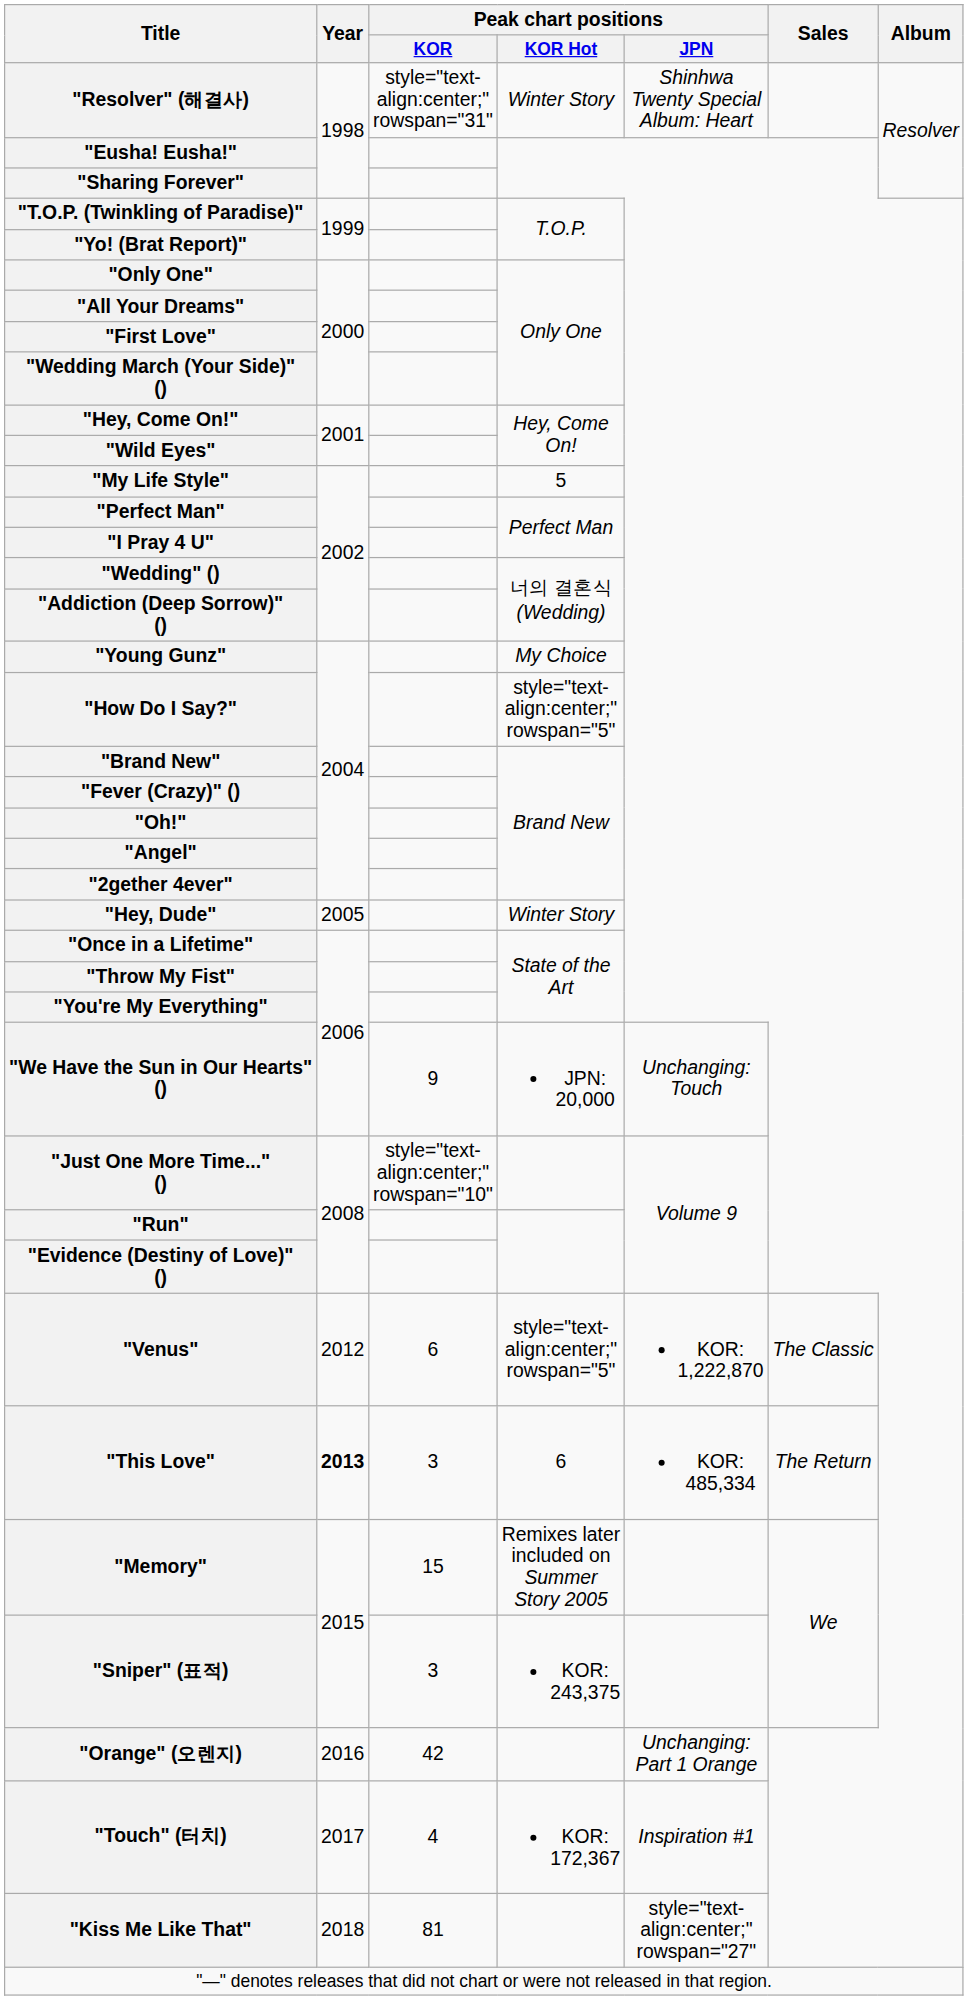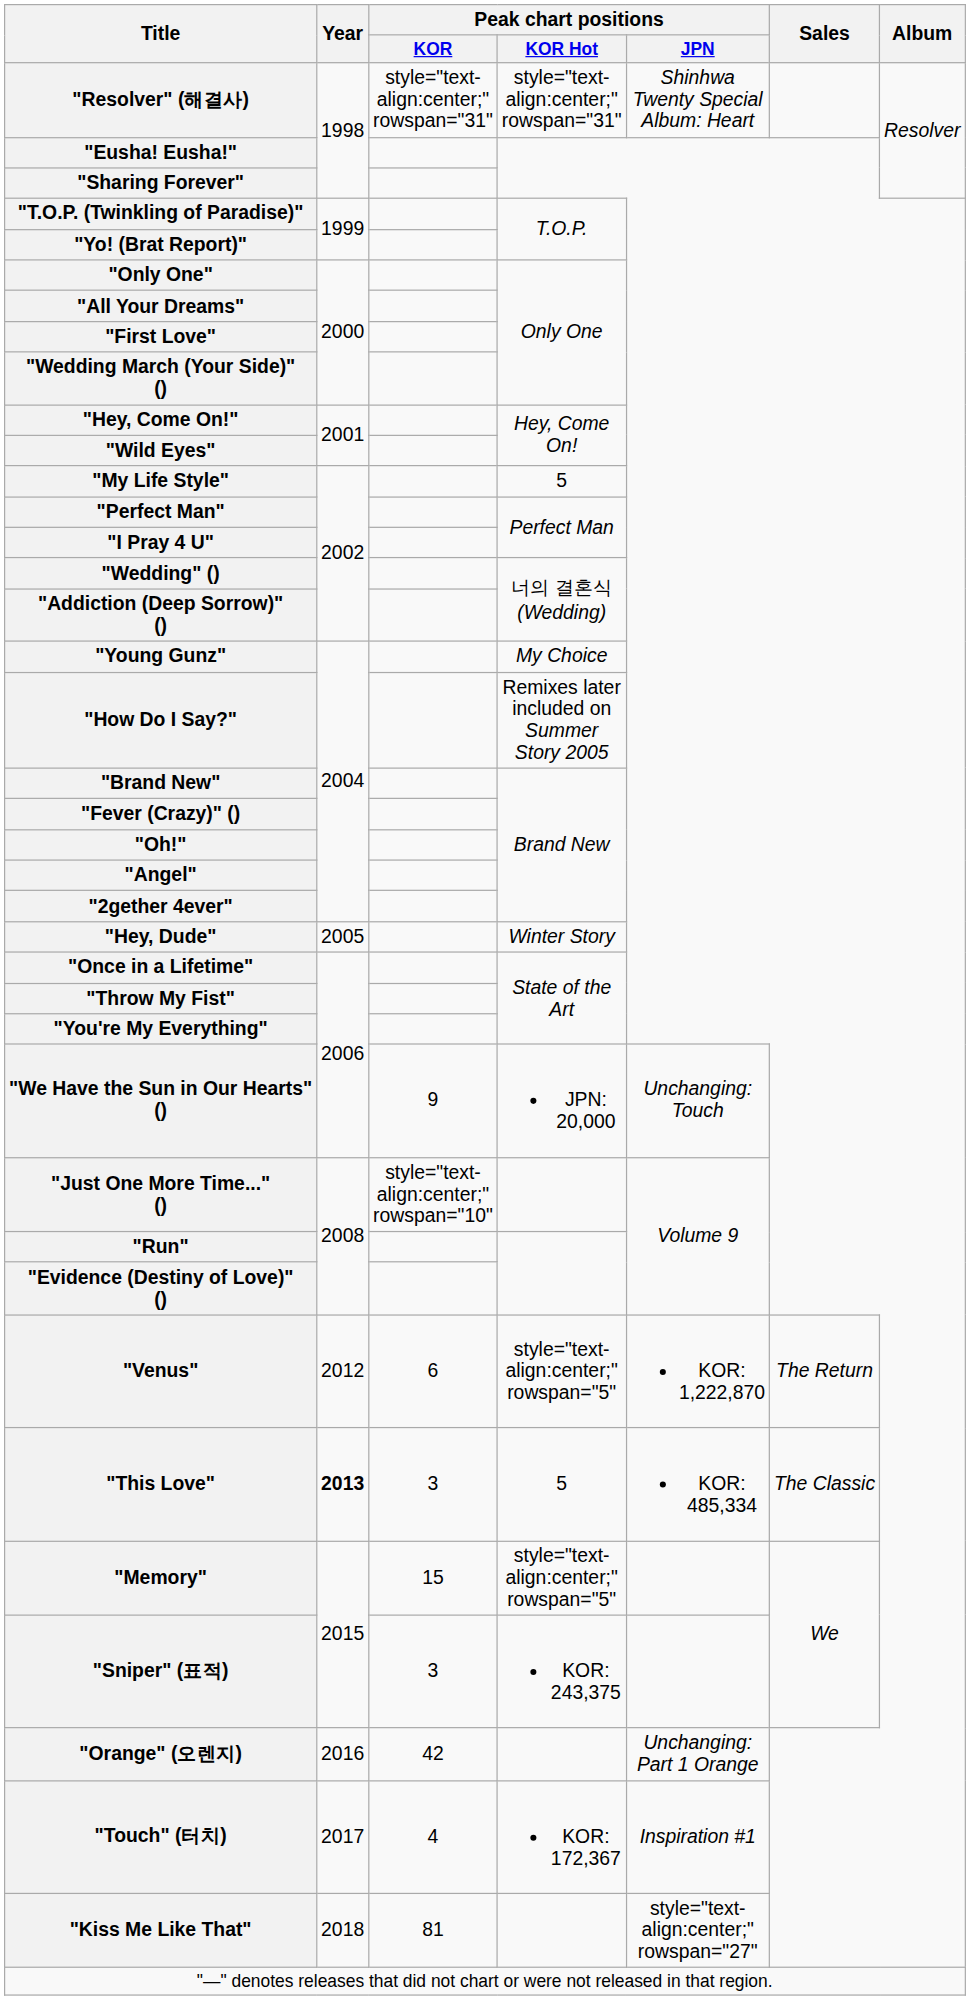 <table class="wikitable plainrowheaders" style="text-align:center;" border="1">
 <tr>
 <th scope="col" rowspan="2">Title</th>
 <th scope="col" rowspan="2">Year</th>
 <th scope="col" colspan="3">Peak chart positions</th>
 <th rowspan="2">Sales</th>
 <th rowspan="2" scope="col">Album</th>
 </tr>
 <tr>
 <th scope="col" style="width:3em;font-size:90%;"><a href='#'>KOR</a><br></th>
 <th scope="col" style="width:3em;font-size:90%;"><a href='#'>KOR Hot</a><br></th>
 <th scope="col" style="width:3em;font-size:90%;"><a href='#'>JPN</a><br></th>
 </tr>
 <tr>
 <th scope="row">"Resolver" (해결사)</th>
 <td style="text-align:center;" rowspan="3">1998</td>
 <td>style="text-align:center;" rowspan="31" </td>
-<td><em>Winter Story</em></td>
+<td>style="text-align:center;" rowspan="31" </td>
 <td><em>Shinhwa Twenty Special Album: Heart</em></td>
 <td></td>
 <td rowspan="3"><em>Resolver</em></td>
 </tr>
 <tr>
 <th scope="row">"Eusha! Eusha!" </th>
 <td></td>
 </tr>
 <tr>
 <th scope="row">"Sharing Forever" </th>
 <td></td>
 </tr>
 <tr>
 <th scope="row">"T.O.P. (Twinkling of Paradise)"</th>
 <td style="text-align:center;" rowspan="2">1999</td>
 <td></td>
 <td rowspan="2"><em>T.O.P.</em></td>
 </tr>
 <tr>
 <th scope="row">"Yo! (Brat Report)"<br></th>
 <td></td>
 </tr>
 <tr>
 <th scope="row">"Only One"</th>
 <td style="text-align:center;" rowspan="4">2000</td>
 <td></td>
 <td rowspan="4"><em>Only One</em></td>
 </tr>
 <tr>
 <th scope="row">"All Your Dreams"</th>
 <td></td>
 </tr>
 <tr>
 <th scope="row">"First Love"</th>
 <td></td>
 </tr>
 <tr>
 <th scope="row">"Wedding March (Your Side)" <br> ()</th>
 <td></td>
 </tr>
 <tr>
 <th scope="row">"Hey, Come On!"</th>
 <td style="text-align:center;" rowspan="2">2001</td>
 <td></td>
 <td rowspan="2"><em>Hey, Come On!</em></td>
 </tr>
 <tr>
 <th scope="row">"Wild Eyes"</th>
 <td></td>
 </tr>
 <tr>
 <th scope="row">"My Life Style"</th>
 <td rowspan="5" style="text-align:center;">2002</td>
 <td></td>
 <td style="text-align:center;">5</td>
 </tr>
 <tr>
 <th scope="row">"Perfect Man"</th>
 <td></td>
 <td rowspan="2"><em>Perfect Man</em></td>
 </tr>
 <tr>
 <th scope="row">"I Pray 4 U"</th>
 <td></td>
 </tr>
 <tr>
 <th scope="row">"Wedding" ()</th>
 <td></td>
 <td rowspan="2">너의 결혼식 <em>(Wedding)</em></td>
 </tr>
 <tr>
 <th scope="row">"Addiction (Deep Sorrow)" <br> ()</th>
 <td></td>
 </tr>
 <tr>
 <th scope="row">"Young Gunz"</th>
 <td style="text-align:center;" rowspan="7">2004</td>
 <td></td>
 <td><em>My Choice</em></td>
 </tr>
 <tr>
 <th scope="row">"How Do I Say?"</th>
 <td></td>
-<td>style="text-align:center;" rowspan="5" </td>
+<td>Remixes later included on<br><em>Summer Story 2005</em></td>
 </tr>
 <tr>
 <th scope="row">"Brand New"</th>
 <td></td>
 <td rowspan="5"><em>Brand New</em></td>
 </tr>
 <tr>
 <th scope="row">"Fever (Crazy)" () <br></th>
 <td></td>
 </tr>
 <tr>
 <th scope="row">"Oh!"</th>
 <td></td>
 </tr>
 <tr>
 <th scope="row">"Angel"</th>
 <td></td>
 </tr>
 <tr>
 <th scope="row">"2gether 4ever"</th>
 <td></td>
 </tr>
 <tr>
 <th scope="row">"Hey, Dude"</th>
 <td style="text-align:center;">2005</td>
 <td></td>
 <td><em>Winter Story</em></td>
 </tr>
 <tr>
 <th scope="row">"Once in a Lifetime"</th>
 <td style="text-align:center;" rowspan="4">2006</td>
 <td></td>
 <td rowspan="3"><em>State of the Art</em></td>
 </tr>
 <tr>
 <th scope="row">"Throw My Fist"</th>
 <td></td>
 </tr>
 <tr>
 <th scope="row">"You're My Everything"</th>
 <td></td>
 </tr>
 <tr>
 <th scope="row">"We Have the Sun in Our Hearts"<br>()</th>
 <td style="text-align:center;">9</td>
 <td><br><ul><li>JPN: 20,000 </li></ul></td>
 <td><em>Unchanging: Touch</em></td>
 </tr>
 <tr>
 <th scope="row">"Just One More Time..."<br>()</th>
 <td style="text-align:center;" rowspan="3">2008</td>
 <td>style="text-align:center;" rowspan="10" </td>
 <td></td>
 <td rowspan="3"><em>Volume 9</em></td>
 </tr>
 <tr>
 <th scope="row">"Run"</th>
 <td></td>
 </tr>
 <tr>
 <th scope="row">"Evidence (Destiny of Love)" <br> ()</th>
 <td></td>
 </tr>
 <tr>
 <th scope="row">"Venus"</th>
 <td style="text-align:center;">2012</td>
 <td style="text-align:center;">6</td>
 <td>style="text-align:center;" rowspan="5" </td>
 <td><br><ul><li>KOR: 1,222,870</li></ul></td>
-<td><em>The Classic</em></td>
+<td><em>The Return</em></td>
 </tr>
 <tr>
 <th scope="row">"This Love"</th>
 <td style="text-align:center;"><strong>2013</strong></td>
 <td style="text-align:center;">3</td>
-<td style="text-align:center;">6</td>
+<td style="text-align:center;">5</td>
 <td><br><ul><li>KOR: 485,334</li></ul></td>
-<td><em>The Return</em></td>
+<td><em>The Classic</em></td>
 </tr>
 <tr>
 <th scope="row">"Memory"</th>
 <td style="text-align:center;" rowspan="2">2015</td>
 <td style="text-align:center;">15</td>
-<td>Remixes later included on<br><em>Summer Story 2005</em></td>
+<td>style="text-align:center;" rowspan="5" </td>
 <td></td>
 <td rowspan="2"><em>We</em></td>
 </tr>
 <tr>
 <th scope="row">"Sniper" (표적)</th>
 <td style="text-align:center;">3</td>
 <td><br><ul><li>KOR: 243,375</li></ul></td>
 </tr>
 <tr>
 <th scope="row">"Orange" (오렌지)</th>
 <td>2016</td>
 <td style="text-align:center;">42</td>
 <td></td>
 <td><em>Unchanging: Part 1 Orange</em></td>
 </tr>
 <tr>
 <th scope="row">"Touch" (터치)</th>
 <td>2017</td>
 <td style="text-align:center;">4</td>
 <td><br><ul><li>KOR: 172,367</li></ul></td>
 <td><em>Inspiration #1</em></td>
 </tr>
 <tr>
 <th scope="row">"Kiss Me Like That"</th>
 <td>2018</td>
 <td style="text-align:center;">81</td>
 <td></td>
 <td>style="text-align:center;" rowspan="27" </td>
 </tr>
 <tr>
 <td colspan="7" style="font-size:90%">"—" denotes releases that did not chart or were not released in that region.</td>
 </tr>
 </table>
